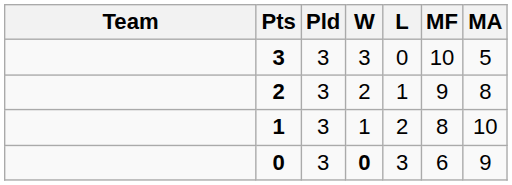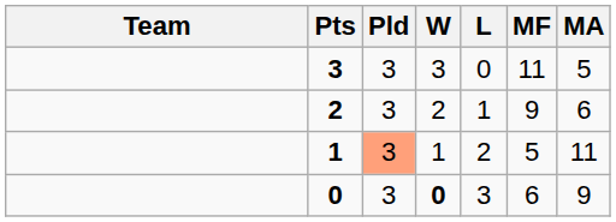 <table class=wikitable style="text-align:center">
 <tr>
 <th width=175>Team</th>
 <th width=20>Pts</th>
 <th width=20>Pld</th>
 <th width=20>W</th>
 <th width=20>L</th>
 <th width=20>MF</th>
 <th width=20>MA</th>
 </tr>
 <tr>
 <td style="text-align:left"></td>
 <td><strong>3</strong></td>
 <td>3</td>
 <td>3</td>
 <td>0</td>
-<td>10</td>
+<td>11</td>
 <td>5</td>
 </tr>
 <tr>
 <td style="text-align:left"></td>
 <td><strong>2</strong></td>
 <td>3</td>
 <td>2</td>
 <td>1</td>
 <td>9</td>
-<td>8</td>
+<td>6</td>
 </tr>
 <tr>
 <td style="text-align:left"></td>
 <td><strong>1</strong></td>
-<td>3</td>
+<td style="background: lightsalmon;">3</td>
 <td>1</td>
 <td>2</td>
-<td>8</td>
-<td>10</td>
+<td>5</td>
+<td>11</td>
 </tr>
 <tr>
 <td style="text-align:left"></td>
 <td><strong>0</strong></td>
 <td>3</td>
 <td><strong>0</strong></td>
 <td>3</td>
 <td>6</td>
 <td>9</td>
 </tr>
 </table>
